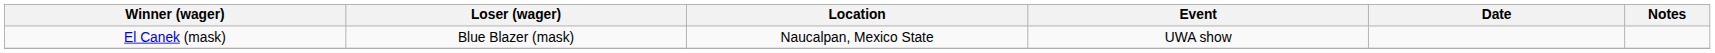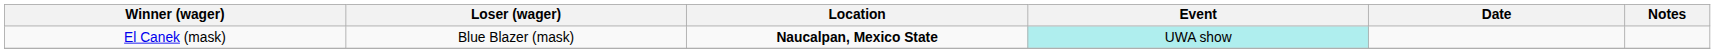 <table class="wikitable sortable" width=100% style="text-align: center">
 <tr>
 <th width=20% scope="col">Winner (wager)</th>
 <th width=20% scope="col">Loser (wager)</th>
 <th width=20% scope="col">Location</th>
 <th width=20% scope="col">Event</th>
 <th width=15% scope="col">Date</th>
 <th class="unsortable" width=5% scope="col">Notes</th>
 </tr>
 <tr>
 <td><a href='#'>El Canek</a> (mask)</td>
 <td Owen Hart>Blue Blazer (mask)</td>
-<td>Naucalpan, Mexico State</td>
-<td>UWA show</td>
+<td><strong>Naucalpan, Mexico State</strong></td>
+<td style="background: paleturquoise;">UWA show</td>
 <td></td>
 <td></td>
 </tr>
 <tr style="text-align:center;">
 </tr>
 </table>
